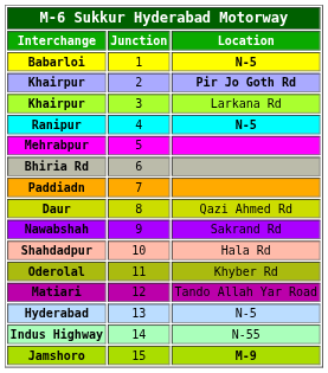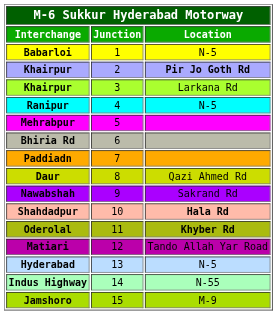 <table border=1 cellpadding=2style="margin-left:1em;margin-bottom:1em; color:black; border-collaps: collaps;font-size: 95%;">
 <tr align="center" style="background:#006000;color: white;font-size:120%;">
 <td colspan="3"><strong>M-6 Sukkur Hyderabad Motorway</strong></td>
 </tr>
 <tr align="center" style="background:#0aaa00; color:white;">
 <td><strong>Interchange</strong></td>
 <td><strong>Junction</strong></td>
 <td><strong>Location</strong></td>
 </tr>
 <tr align="center">
 <td bgcolor="#ffff00"><strong>Babarloi</strong></td>
 <td bgcolor="#ffff00">1</td>
-<td bgcolor="#ffff00"><strong>N-5</strong></td>
+<td bgcolor="#ffff00">N-5</td>
 </tr>
 <tr align="center">
 <td bgcolor="#aaaaff"><strong>Khairpur</strong></td>
 <td bgcolor="#aaaaff">2</td>
 <td bgcolor="#aaaaff"><strong>Pir Jo Goth Rd</strong></td>
 </tr>
 <tr align="center">
 <td bgcolor="#aaff2f"><strong>Khairpur</strong></td>
 <td bgcolor="#aaff2f">3</td>
 <td bgcolor="#aaff2f">Larkana Rd</td>
 </tr>
 <tr align="center">
 <td bgcolor="#00ffff"><strong>Ranipur</strong></td>
 <td bgcolor="#00ffff">4</td>
-<td bgcolor="#00ffff"><strong>N-5</strong></td>
+<td bgcolor="#00ffff">N-5</td>
 </tr>
 <tr align="center">
 <td bgcolor="#ff00ff"><strong>Mehrabpur</strong></td>
 <td bgcolor="#ff00ff">5</td>
 <td bgcolor="#ff00ff"></td>
 </tr>
 <tr align="center">
 <td bgcolor="#bbbbaa"><strong>Bhiria Rd</strong></td>
 <td bgcolor="#bbbbaa">6</td>
 <td bgcolor="#bbbbaa"></td>
 </tr>
 <tr align="center">
 <td bgcolor="#ffaa00"><strong>Paddiadn</strong></td>
 <td bgcolor="#ffaa00">7</td>
 <td bgcolor="#ffaa00"></td>
 </tr>
 <tr align="center">
 <td bgcolor="#ccddgg"><strong>Daur</strong></td>
 <td bgcolor="#ccddgg">8</td>
 <td bgcolor="#ccddgg">Qazi Ahmed Rd</td>
 </tr>
 <tr align="center">
 <td bgcolor="#aa00ff"><strong>Nawabshah</strong></td>
 <td bgcolor="#aa00ff">9</td>
 <td bgcolor="#aa00ff">Sakrand Rd</td>
 </tr>
 <tr align="center">
 <td bgcolor="#ffbbaa"><strong>Shahdadpur</strong></td>
 <td bgcolor="#ffbbaa">10</td>
-<td bgcolor="#ffbbaa">Hala Rd</td>
+<td bgcolor="#ffbbaa"><strong>Hala Rd</strong></td>
 </tr>
 <tr align="center">
 <td bgcolor="#aabbgf"><strong>Oderolal</strong></td>
 <td bgcolor="#aabbgf">11</td>
-<td bgcolor="#aabbgf">Khyber Rd</td>
+<td bgcolor="#aabbgf"><strong>Khyber Rd</strong></td>
 </tr>
 <tr align="center">
 <td bgcolor="#bb00aa"><strong>Matiari</strong></td>
 <td bgcolor="#bb00aa">12</td>
 <td bgcolor="#bb00aa">Tando Allah Yar Road</td>
 </tr>
 <tr align="center">
 <td bgcolor="#bbddff"><strong>Hyderabad</strong></td>
 <td bgcolor="#bbddff">13</td>
 <td bgcolor="#bbddff">N-5</td>
 </tr>
 <tr align="center">
 <td bgcolor="#aaffbb"><strong>Indus Highway</strong></td>
 <td bgcolor="#aaffbb">14</td>
 <td bgcolor="#aaffbb">N-55</td>
 </tr>
 <tr align="center">
 <td bgcolor="#aadd00"><strong>Jamshoro</strong></td>
 <td bgcolor="#aadd00">15</td>
-<td bgcolor="#aadd00"><strong>M-9</strong></td>
+<td bgcolor="#aadd00">M-9</td>
 </tr>
 </table>
